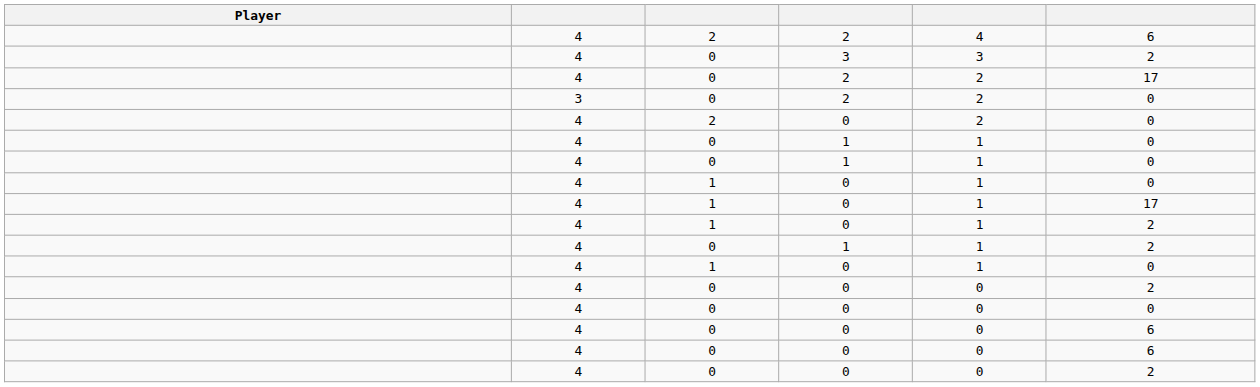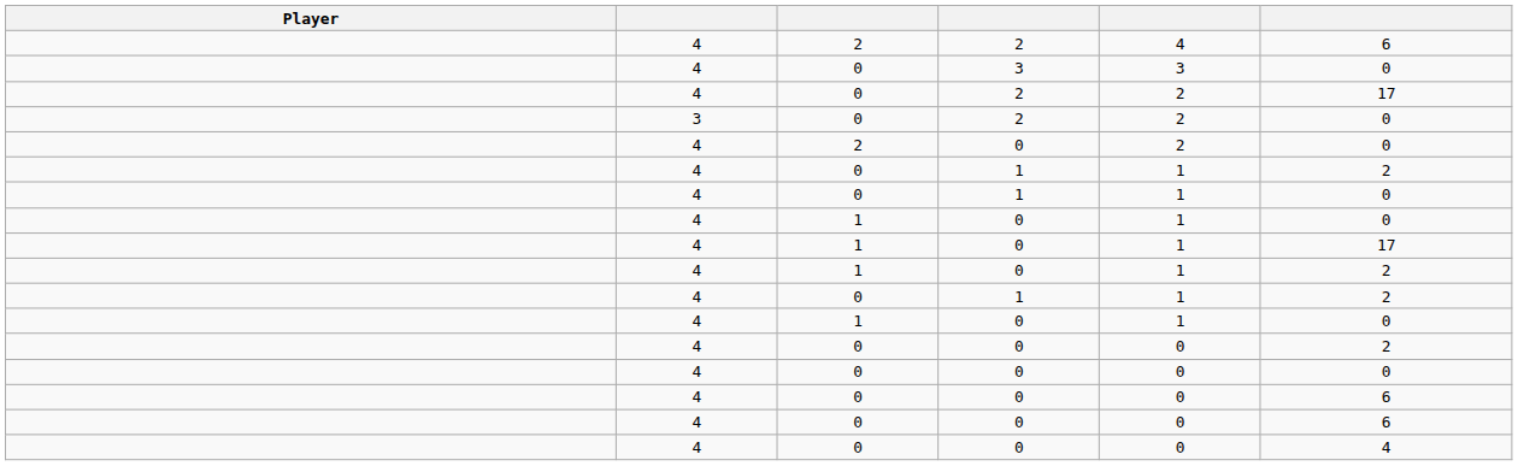 <table class="wikitable sortable" style="width:100%;">
 <tr align=center>
 <th>Player</th>
 <th></th>
 <th></th>
 <th></th>
 <th></th>
 <th></th>
 </tr>
 <tr align=center>
 <td></td>
 <td>4</td>
 <td>2</td>
 <td>2</td>
 <td>4</td>
 <td>6</td>
 </tr>
 <tr align=center>
 <td></td>
 <td>4</td>
 <td>0</td>
 <td>3</td>
 <td>3</td>
-<td>2</td>
+<td>0</td>
 </tr>
 <tr align=center>
 <td></td>
 <td>4</td>
 <td>0</td>
 <td>2</td>
 <td>2</td>
 <td>17</td>
 </tr>
 <tr align=center>
 <td></td>
 <td>3</td>
 <td>0</td>
 <td>2</td>
 <td>2</td>
 <td>0</td>
 </tr>
 <tr align=center>
 <td></td>
 <td>4</td>
 <td>2</td>
 <td>0</td>
 <td>2</td>
 <td>0</td>
 </tr>
 <tr align=center>
 <td></td>
 <td>4</td>
 <td>0</td>
 <td>1</td>
 <td>1</td>
-<td>0</td>
+<td>2</td>
 </tr>
 <tr align=center>
 <td></td>
 <td>4</td>
 <td>0</td>
 <td>1</td>
 <td>1</td>
 <td>0</td>
 </tr>
 <tr align=center>
 <td></td>
 <td>4</td>
 <td>1</td>
 <td>0</td>
 <td>1</td>
 <td>0</td>
 </tr>
 <tr align=center>
 <td></td>
 <td>4</td>
 <td>1</td>
 <td>0</td>
 <td>1</td>
 <td>17</td>
 </tr>
 <tr align=center>
 <td></td>
 <td>4</td>
 <td>1</td>
 <td>0</td>
 <td>1</td>
 <td>2</td>
 </tr>
 <tr align=center>
 <td></td>
 <td>4</td>
 <td>0</td>
 <td>1</td>
 <td>1</td>
 <td>2</td>
 </tr>
 <tr align=center>
 <td></td>
 <td>4</td>
 <td>1</td>
 <td>0</td>
 <td>1</td>
 <td>0</td>
 </tr>
 <tr align=center>
 <td></td>
 <td>4</td>
 <td>0</td>
 <td>0</td>
 <td>0</td>
 <td>2</td>
 </tr>
 <tr align=center>
 <td></td>
 <td>4</td>
 <td>0</td>
 <td>0</td>
 <td>0</td>
 <td>0</td>
 </tr>
 <tr align=center>
 <td></td>
 <td>4</td>
 <td>0</td>
 <td>0</td>
 <td>0</td>
 <td>6</td>
 </tr>
 <tr align=center>
 <td></td>
 <td>4</td>
 <td>0</td>
 <td>0</td>
 <td>0</td>
 <td>6</td>
 </tr>
 <tr align=center>
 <td></td>
 <td>4</td>
 <td>0</td>
 <td>0</td>
 <td>0</td>
-<td>2</td>
+<td>4</td>
 </tr>
 </table>
